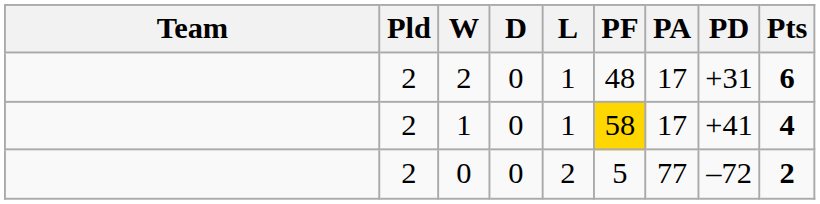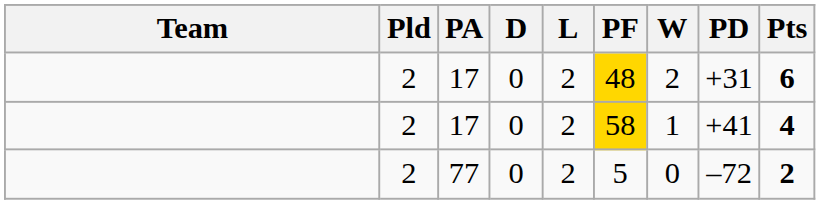 <table class="wikitable" style="text-align:center;">
 <tr>
 <th width=190>Team</th>
 <th width=20 abbr="Played">Pld</th>
-<th width=20 abbr="Won">W</th>
+<th width=20 abbr="Points against">PA</th>
 <th width=20 abbr="Drawn">D</th>
 <th width=20 abbr="Lost">L</th>
 <th width=20 abbr="Points for">PF</th>
-<th width=20 abbr="Points against">PA</th>
+<th width=20 abbr="Won">W</th>
 <th width=25 abbr="Points difference">PD</th>
 <th width=20 abbr="Points">Pts</th>
 </tr>
 <tr>
 <td align=left></td>
 <td>2</td>
+<td>17</td>
+<td>0</td>
 <td>2</td>
-<td>0</td>
-<td>1</td>
-<td>48</td>
-<td>17</td>
+<td style="background: gold;">48</td>
+<td>2</td>
 <td>+31</td>
 <td><strong>6</strong></td>
 </tr>
 <tr>
 <td align=left></td>
 <td>2</td>
+<td>17</td>
+<td>0</td>
+<td>2</td>
+<td style="background: gold;">58</td>
 <td>1</td>
-<td>0</td>
-<td>1</td>
-<td style="background: gold;">58</td>
-<td>17</td>
 <td>+41</td>
 <td><strong>4</strong></td>
 </tr>
 <tr>
 <td align=left></td>
 <td>2</td>
-<td>0</td>
+<td>77</td>
 <td>0</td>
 <td>2</td>
 <td>5</td>
-<td>77</td>
+<td>0</td>
 <td>–72</td>
 <td><strong>2</strong></td>
 </tr>
 </table>
